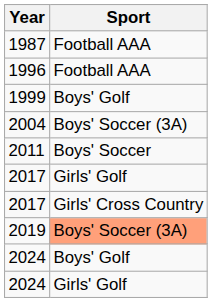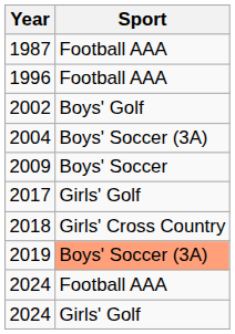 <table class="wikitable">
 <tr>
 <th>Year</th>
 <th>Sport</th>
 </tr>
 <tr>
 <td>1987</td>
 <td>Football AAA</td>
 </tr>
 <tr>
 <td>1996</td>
 <td>Football AAA</td>
 </tr>
 <tr>
-<td>1999</td>
+<td>2002</td>
 <td>Boys' Golf</td>
 </tr>
 <tr>
 <td>2004</td>
 <td>Boys' Soccer (3A)</td>
 </tr>
 <tr>
-<td>2011</td>
+<td>2009</td>
 <td>Boys' Soccer</td>
 </tr>
 <tr>
 <td>2017</td>
 <td>Girls' Golf</td>
 </tr>
 <tr>
-<td>2017</td>
+<td>2018</td>
 <td>Girls' Cross Country</td>
 </tr>
 <tr>
 <td>2019</td>
 <td style="background: lightsalmon;">Boys' Soccer (3A)</td>
 </tr>
 <tr>
 <td>2024</td>
-<td>Boys' Golf</td>
+<td>Football AAA</td>
 </tr>
 <tr>
 <td>2024</td>
 <td>Girls' Golf</td>
 </tr>
 </table>
